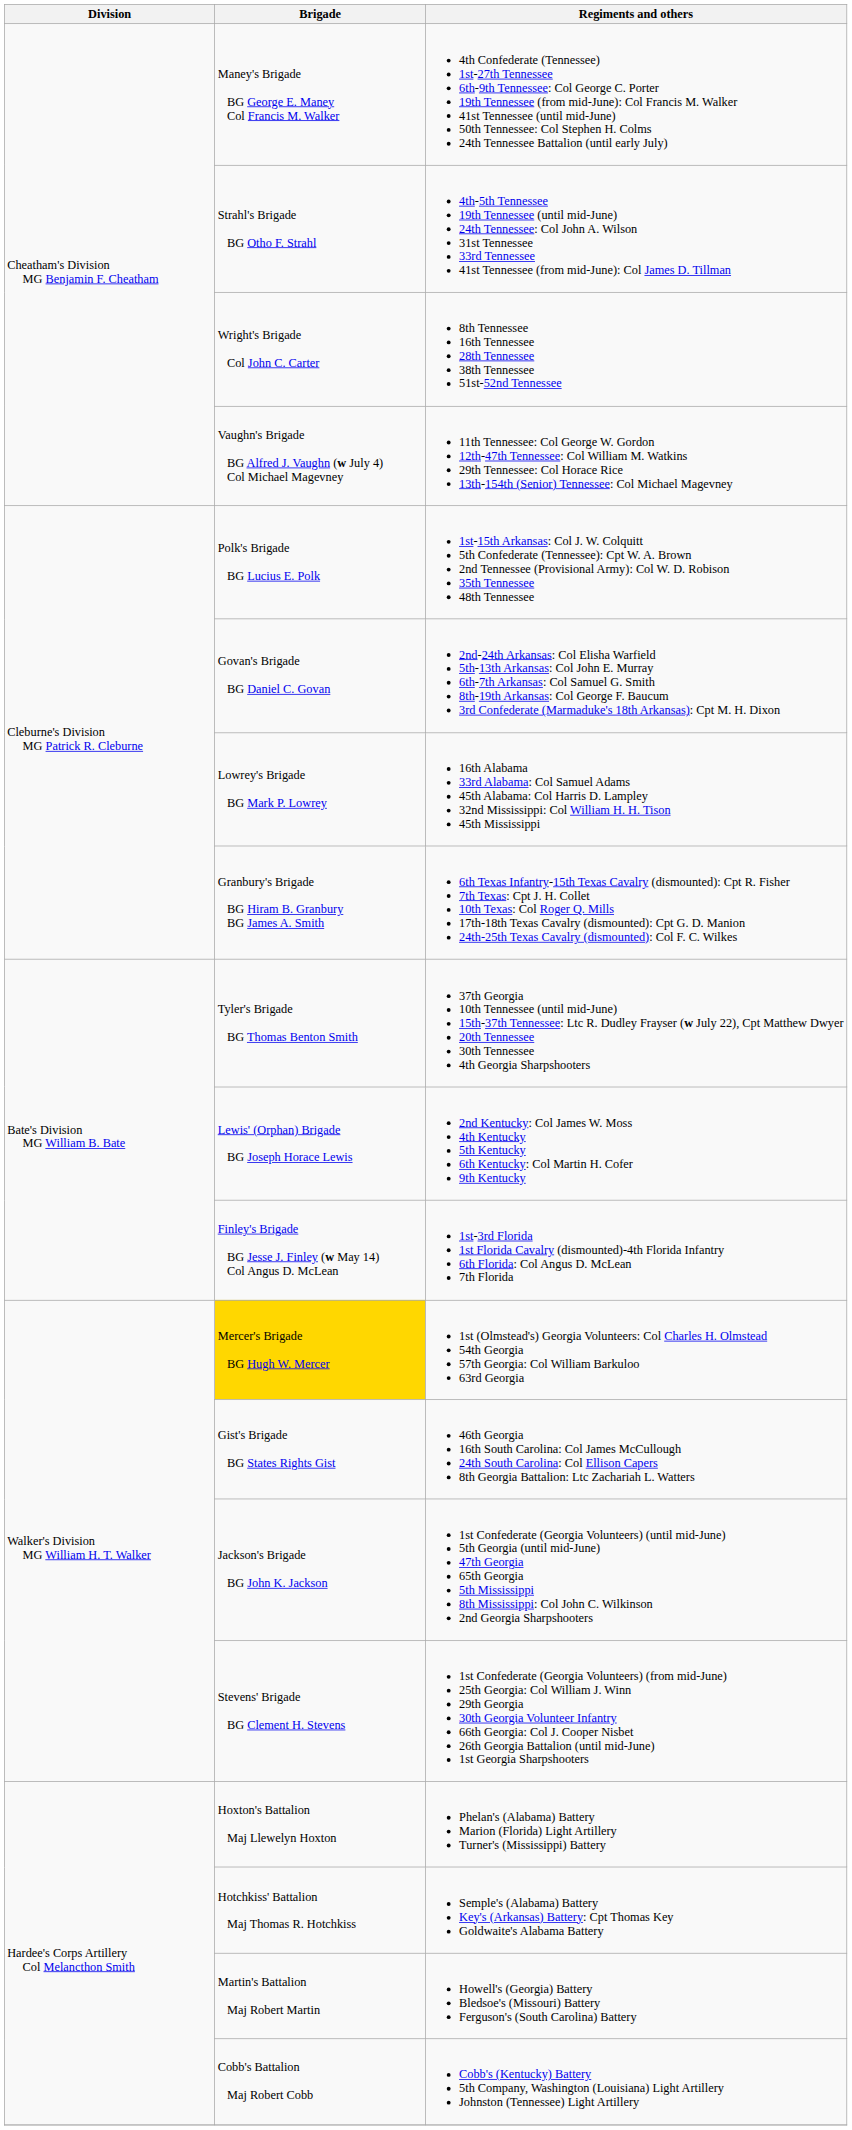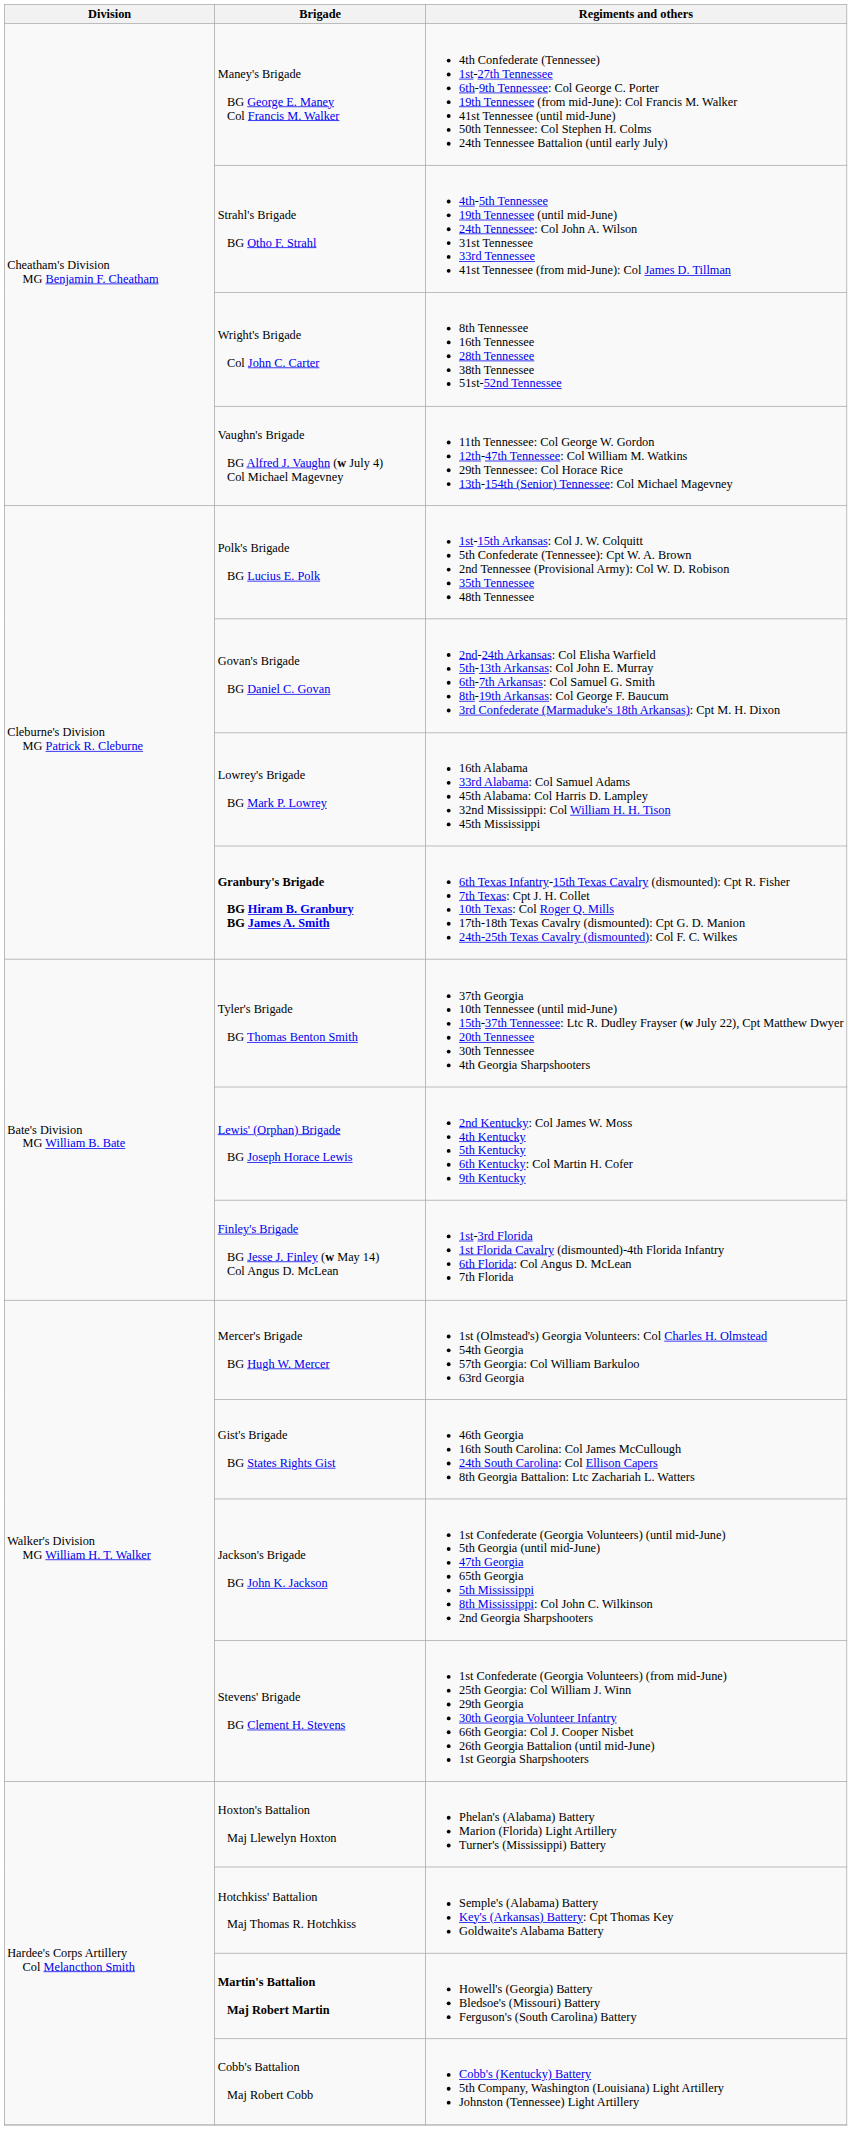 <table class="wikitable">
 <tr>
 <th width=25%>Division</th>
 <th width=25%>Brigade</th>
 <th>Regiments and others</th>
 </tr>
 <tr>
 <td rowspan=4><br>Cheatham's Division <br>     MG <a href='#'>Benjamin F. Cheatham</a><br></td>
 <td>Maney's Brigade<br><br>   BG <a href='#'>George E. Maney</a><br>   Col <a href='#'>Francis M. Walker</a></td>
 <td><br><ul><li>4th Confederate (Tennessee)</li><li><a href='#'>1st</a>-<a href='#'>27th Tennessee</a></li><li><a href='#'>6th</a>-<a href='#'>9th Tennessee</a>: Col George C. Porter</li><li><a href='#'>19th Tennessee</a> (from mid-June): Col Francis M. Walker</li><li>41st Tennessee (until mid-June)</li><li>50th Tennessee: Col Stephen H. Colms</li><li>24th Tennessee Battalion (until early July)</li></ul></td>
 </tr>
 <tr>
 <td>Strahl's Brigade<br><br>   BG <a href='#'>Otho F. Strahl</a></td>
 <td><br><ul><li><a href='#'>4th</a>-<a href='#'>5th Tennessee</a></li><li><a href='#'>19th Tennessee</a> (until mid-June)</li><li><a href='#'>24th Tennessee</a>: Col John A. Wilson</li><li>31st Tennessee</li><li><a href='#'>33rd Tennessee</a></li><li>41st Tennessee (from mid-June): Col <a href='#'>James D. Tillman</a></li></ul></td>
 </tr>
 <tr>
 <td>Wright's Brigade<br><br>   Col <a href='#'>John C. Carter</a></td>
 <td><br><ul><li>8th Tennessee</li><li>16th Tennessee</li><li><a href='#'>28th Tennessee</a></li><li>38th Tennessee</li><li>51st-<a href='#'>52nd Tennessee</a></li></ul></td>
 </tr>
 <tr>
 <td>Vaughn's Brigade<br><br>   BG <a href='#'>Alfred J. Vaughn</a> (<strong>w</strong> July 4)<br>   Col Michael Magevney</td>
 <td><br><ul><li>11th Tennessee: Col George W. Gordon</li><li><a href='#'>12th</a>-<a href='#'>47th Tennessee</a>: Col William M. Watkins</li><li>29th Tennessee: Col Horace Rice</li><li><a href='#'>13th</a>-<a href='#'>154th (Senior) Tennessee</a>: Col Michael Magevney</li></ul></td>
 </tr>
 <tr>
 <td rowspan=4><br>Cleburne's Division <br>     MG <a href='#'>Patrick R. Cleburne</a><br></td>
 <td>Polk's Brigade<br><br>   BG <a href='#'>Lucius E. Polk</a></td>
 <td><br><ul><li><a href='#'>1st</a>-<a href='#'>15th Arkansas</a>: Col J. W. Colquitt</li><li>5th Confederate (Tennessee): Cpt W. A. Brown</li><li>2nd Tennessee (Provisional Army): Col W. D. Robison</li><li><a href='#'>35th Tennessee</a></li><li>48th Tennessee</li></ul></td>
 </tr>
 <tr>
 <td>Govan's Brigade<br><br>   BG <a href='#'>Daniel C. Govan</a></td>
 <td><br><ul><li><a href='#'>2nd</a>-<a href='#'>24th Arkansas</a>: Col Elisha Warfield</li><li><a href='#'>5th</a>-<a href='#'>13th Arkansas</a>: Col John E. Murray</li><li><a href='#'>6th</a>-<a href='#'>7th Arkansas</a>: Col Samuel G. Smith</li><li><a href='#'>8th</a>-<a href='#'>19th Arkansas</a>: Col George F. Baucum</li><li><a href='#'>3rd Confederate (Marmaduke's 18th Arkansas)</a>: Cpt M. H. Dixon</li></ul></td>
 </tr>
 <tr>
 <td>Lowrey's Brigade<br><br>   BG <a href='#'>Mark P. Lowrey</a></td>
 <td><br><ul><li>16th Alabama</li><li><a href='#'>33rd Alabama</a>: Col Samuel Adams</li><li>45th Alabama: Col Harris D. Lampley</li><li>32nd Mississippi: Col <a href='#'>William H. H. Tison</a></li><li>45th Mississippi</li></ul></td>
 </tr>
 <tr>
-<td>Granbury's Brigade<br><br>   BG <a href='#'>Hiram B. Granbury</a><br>   BG <a href='#'>James A. Smith</a></td>
+<td><strong>Granbury's Brigade<br><br>   BG <a href='#'>Hiram B. Granbury</a><br>   BG <a href='#'>James A. Smith</a></strong></td>
 <td><br><ul><li><a href='#'>6th Texas Infantry</a>-<a href='#'>15th Texas Cavalry</a> (dismounted): Cpt R. Fisher</li><li><a href='#'>7th Texas</a>: Cpt J. H. Collet</li><li><a href='#'>10th Texas</a>: Col <a href='#'>Roger Q. Mills</a></li><li>17th-18th Texas Cavalry (dismounted): Cpt G. D. Manion</li><li><a href='#'>24th-25th Texas Cavalry (dismounted)</a>: Col F. C. Wilkes</li></ul></td>
 </tr>
 <tr>
 <td rowspan=3><br>Bate's Division <br>     MG <a href='#'>William B. Bate</a><br></td>
 <td>Tyler's Brigade<br><br>   BG <a href='#'>Thomas Benton Smith</a></td>
 <td><br><ul><li>37th Georgia</li><li>10th Tennessee (until mid-June)</li><li><a href='#'>15th</a>-<a href='#'>37th Tennessee</a>: Ltc R. Dudley Frayser (<strong>w</strong> July 22), Cpt Matthew Dwyer</li><li><a href='#'>20th Tennessee</a></li><li>30th Tennessee</li><li>4th Georgia Sharpshooters</li></ul></td>
 </tr>
 <tr>
 <td><a href='#'>Lewis' (Orphan) Brigade</a><br><br>   BG <a href='#'>Joseph Horace Lewis</a></td>
 <td><br><ul><li><a href='#'>2nd Kentucky</a>: Col James W. Moss</li><li><a href='#'>4th Kentucky</a></li><li><a href='#'>5th Kentucky</a></li><li><a href='#'>6th Kentucky</a>: Col Martin H. Cofer</li><li><a href='#'>9th Kentucky</a></li></ul></td>
 </tr>
 <tr>
 <td><a href='#'>Finley's Brigade</a><br><br>   BG <a href='#'>Jesse J. Finley</a> (<strong>w</strong> May 14)<br>   Col Angus D. McLean</td>
 <td><br><ul><li><a href='#'>1st</a>-<a href='#'>3rd Florida</a></li><li><a href='#'>1st Florida Cavalry</a> (dismounted)-4th Florida Infantry</li><li><a href='#'>6th Florida</a>: Col Angus D. McLean</li><li>7th Florida</li></ul></td>
 </tr>
 <tr>
 <td rowspan=4><br>Walker's Division <br>     MG <a href='#'>William H. T. Walker</a><br></td>
-<td style="background: gold;">Mercer's Brigade<br><br>   BG <a href='#'>Hugh W. Mercer</a></td>
+<td>Mercer's Brigade<br><br>   BG <a href='#'>Hugh W. Mercer</a></td>
 <td><br><ul><li>1st (Olmstead's) Georgia Volunteers: Col <a href='#'>Charles H. Olmstead</a></li><li>54th Georgia</li><li>57th Georgia: Col William Barkuloo</li><li>63rd Georgia</li></ul></td>
 </tr>
 <tr>
 <td>Gist's Brigade<br><br>   BG <a href='#'>States Rights Gist</a></td>
 <td><br><ul><li>46th Georgia</li><li>16th South Carolina: Col James McCullough</li><li><a href='#'>24th South Carolina</a>: Col <a href='#'>Ellison Capers</a></li><li>8th Georgia Battalion: Ltc Zachariah L. Watters</li></ul></td>
 </tr>
 <tr>
 <td>Jackson's Brigade<br><br>   BG <a href='#'>John K. Jackson</a></td>
 <td><br><ul><li>1st Confederate (Georgia Volunteers) (until mid-June)</li><li>5th Georgia (until mid-June)</li><li><a href='#'>47th Georgia</a></li><li>65th Georgia</li><li><a href='#'>5th Mississippi</a></li><li><a href='#'>8th Mississippi</a>: Col John C. Wilkinson</li><li>2nd Georgia Sharpshooters</li></ul></td>
 </tr>
 <tr>
 <td>Stevens' Brigade<br><br>   BG <a href='#'>Clement H. Stevens</a></td>
 <td><br><ul><li>1st Confederate (Georgia Volunteers) (from mid-June)</li><li>25th Georgia: Col William J. Winn</li><li>29th Georgia</li><li><a href='#'>30th Georgia Volunteer Infantry</a></li><li>66th Georgia: Col J. Cooper Nisbet</li><li>26th Georgia Battalion (until mid-June)</li><li>1st Georgia Sharpshooters</li></ul></td>
 </tr>
 <tr>
 <td rowspan=4><br>Hardee's Corps Artillery <br>     Col <a href='#'>Melancthon Smith</a></td>
 <td>Hoxton's Battalion<br><br>   Maj Llewelyn Hoxton</td>
 <td><br><ul><li>Phelan's (Alabama) Battery</li><li>Marion (Florida) Light Artillery</li><li>Turner's (Mississippi) Battery</li></ul></td>
 </tr>
 <tr>
 <td>Hotchkiss' Battalion<br><br>   Maj Thomas R. Hotchkiss</td>
 <td><br><ul><li>Semple's (Alabama) Battery</li><li><a href='#'>Key's (Arkansas) Battery</a>: Cpt Thomas Key</li><li>Goldwaite's Alabama Battery</li></ul></td>
 </tr>
 <tr>
-<td>Martin's Battalion<br><br>   Maj Robert Martin</td>
+<td><strong>Martin's Battalion<br><br>   Maj Robert Martin</strong></td>
 <td><br><ul><li>Howell's (Georgia) Battery</li><li>Bledsoe's (Missouri) Battery</li><li>Ferguson's (South Carolina) Battery</li></ul></td>
 </tr>
 <tr>
 <td>Cobb's Battalion<br><br>   Maj Robert Cobb</td>
 <td><br><ul><li><a href='#'>Cobb's (Kentucky) Battery</a></li><li>5th Company, Washington (Louisiana) Light Artillery</li><li>Johnston (Tennessee) Light Artillery</li></ul></td>
 </tr>
 <tr>
 </tr>
 </table>
